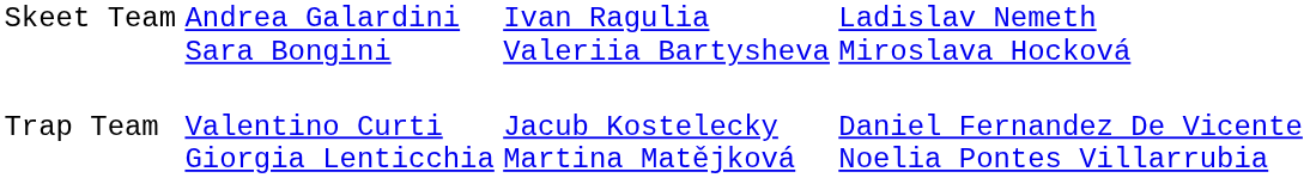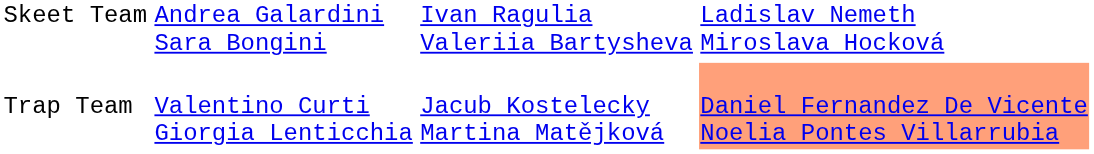 <table>
 <tr>
 <td>Skeet Team</td>
 <td><br><a href='#'>Andrea Galardini</a><br><a href='#'>Sara Bongini</a></td>
 <td><br><a href='#'>Ivan Ragulia</a><br><a href='#'>Valeriia Bartysheva</a></td>
 <td><br><a href='#'>Ladislav Nemeth</a><br><a href='#'>Miroslava Hocková</a></td>
 </tr>
 <tr>
 <td>Trap Team</td>
 <td><br><a href='#'>Valentino Curti</a><br><a href='#'>Giorgia Lenticchia</a></td>
 <td><br><a href='#'>Jacub Kostelecky</a><br><a href='#'>Martina Matějková</a></td>
-<td><br><a href='#'>Daniel Fernandez De Vicente</a><br><a href='#'>Noelia Pontes Villarrubia</a></td>
+<td style="background: lightsalmon;"><br><a href='#'>Daniel Fernandez De Vicente</a><br><a href='#'>Noelia Pontes Villarrubia</a></td>
 </tr>
 </table>
